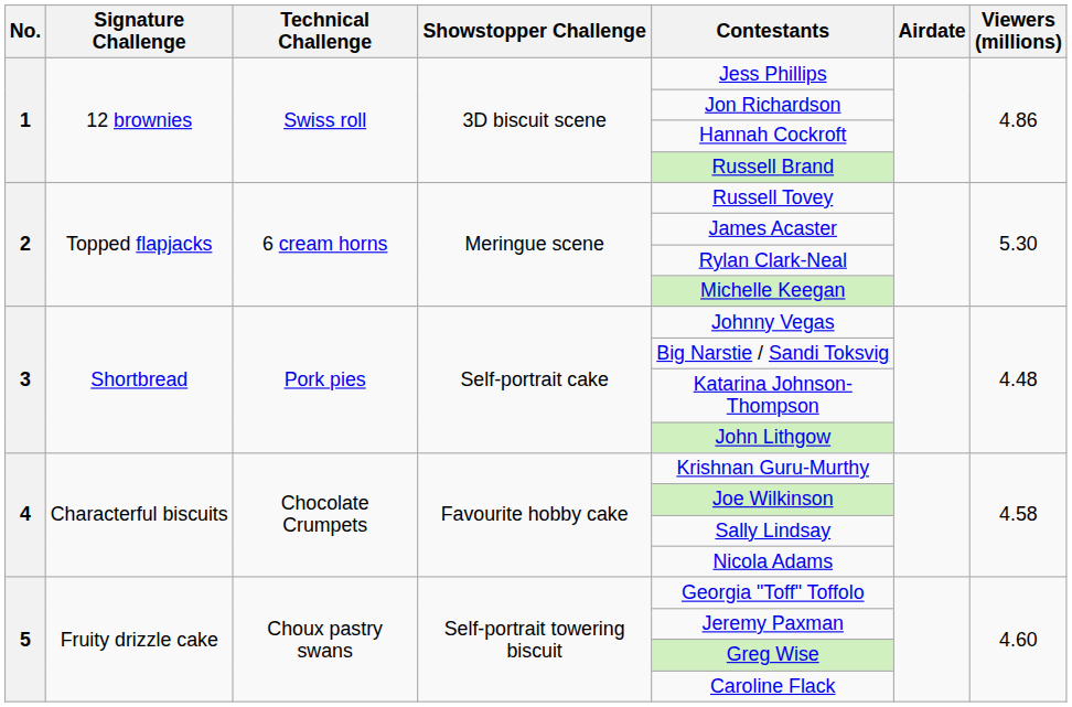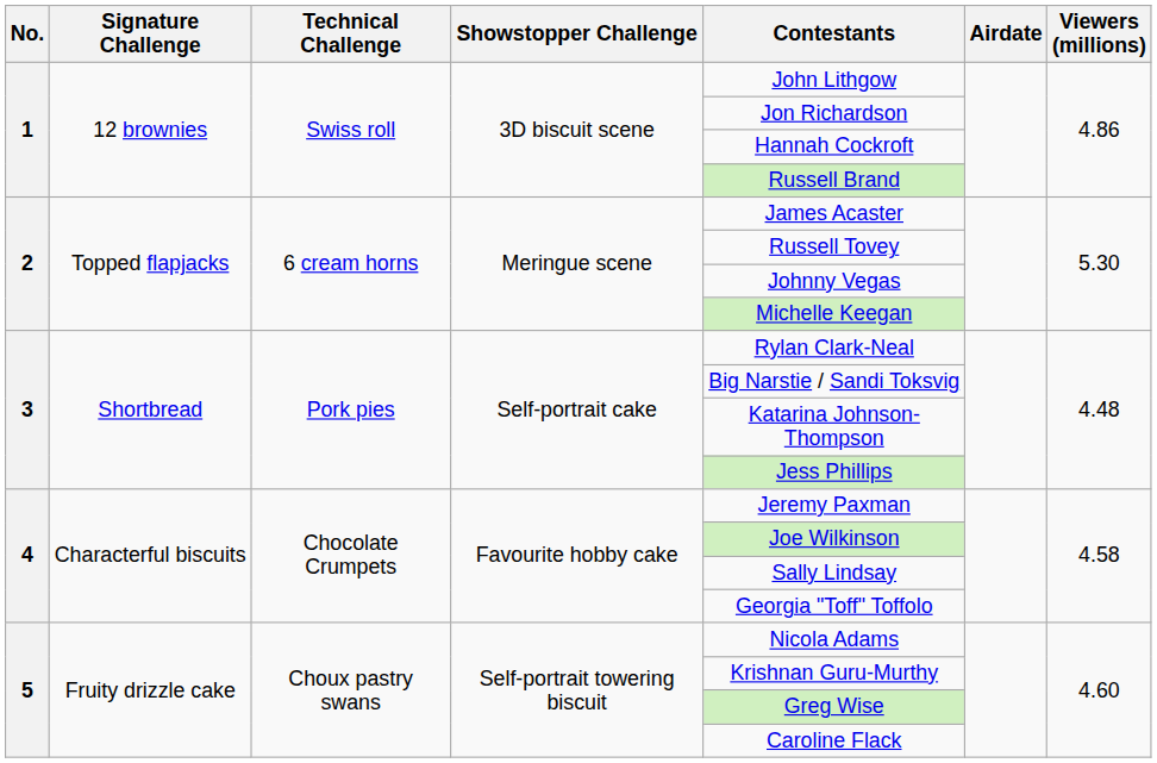 <table class="wikitable" style="text-align:center;">
 <tr>
 <th scope="col">No.</th>
 <th scope="col">Signature Challenge</th>
 <th scope="col">Technical Challenge</th>
 <th scope="col">Showstopper Challenge</th>
 <th scope="col">Contestants</th>
 <th scope="col">Airdate</th>
 <th scope="col">Viewers<br>(millions)</th>
 </tr>
 <tr>
 <th scope="rowgroup" rowspan=4>1</th>
 <td rowspan=4>12 <a href='#'>brownies</a></td>
 <td rowspan=4><a href='#'>Swiss roll</a></td>
 <td rowspan=4>3D biscuit scene</td>
-<td><a href='#'>Jess Phillips</a></td>
+<td><a href='#'>John Lithgow</a></td>
 <td rowspan=4></td>
 <td rowspan=4>4.86</td>
 </tr>
 <tr>
 <td><a href='#'>Jon Richardson</a></td>
 </tr>
 <tr>
 <td><a href='#'>Hannah Cockroft</a></td>
 </tr>
 <tr style="background:#d0f0c0">
 <td><a href='#'>Russell Brand</a></td>
 </tr>
 <tr>
 <th scope="rowgroup" rowspan="4">2</th>
 <td rowspan="4">Topped <a href='#'>flapjacks</a></td>
 <td rowspan="4">6 <a href='#'>cream horns</a></td>
 <td rowspan="4">Meringue scene</td>
-<td><a href='#'>Russell Tovey</a></td>
+<td><a href='#'>James Acaster</a></td>
 <td rowspan="4"></td>
 <td rowspan="4">5.30</td>
 </tr>
 <tr>
-<td><a href='#'>James Acaster</a></td>
+<td><a href='#'>Russell Tovey</a></td>
 </tr>
 <tr>
-<td><a href='#'>Rylan Clark-Neal</a></td>
+<td><a href='#'>Johnny Vegas</a></td>
 </tr>
 <tr style="background:#d0f0c0">
 <td><a href='#'>Michelle Keegan</a></td>
 </tr>
 <tr>
 <th scope="rowgroup" rowspan="4">3</th>
 <td rowspan="4"><a href='#'>Shortbread</a></td>
 <td rowspan="4"><a href='#'>Pork pies</a></td>
 <td rowspan="4">Self-portrait cake</td>
-<td><a href='#'>Johnny Vegas</a></td>
+<td><a href='#'>Rylan Clark-Neal</a></td>
 <td rowspan="4"></td>
 <td rowspan="4">4.48</td>
 </tr>
 <tr>
 <td><a href='#'>Big Narstie</a> / <a href='#'>Sandi Toksvig</a></td>
 </tr>
 <tr>
 <td><a href='#'>Katarina Johnson-Thompson</a></td>
 </tr>
 <tr style="background:#d0f0c0">
-<td><a href='#'>John Lithgow</a></td>
+<td><a href='#'>Jess Phillips</a></td>
 </tr>
 <tr>
 <th scope="rowgroup" rowspan="4">4</th>
 <td rowspan="4">Characterful biscuits</td>
 <td rowspan="4">Chocolate Crumpets</td>
 <td rowspan="4">Favourite hobby cake</td>
-<td><a href='#'>Krishnan Guru-Murthy</a></td>
+<td><a href='#'>Jeremy Paxman</a></td>
 <td rowspan="4"></td>
 <td rowspan="4">4.58</td>
 </tr>
 <tr style="background:#d0f0c0">
 <td><a href='#'>Joe Wilkinson</a></td>
 </tr>
 <tr>
 <td><a href='#'>Sally Lindsay</a></td>
 </tr>
 <tr>
-<td><a href='#'>Nicola Adams</a></td>
+<td><a href='#'>Georgia "Toff" Toffolo</a></td>
 </tr>
 <tr>
 <th scope="rowgroup" rowspan="4">5</th>
 <td rowspan="4">Fruity drizzle cake</td>
 <td rowspan="4">Choux pastry swans</td>
 <td rowspan="4">Self-portrait towering biscuit</td>
-<td><a href='#'>Georgia "Toff" Toffolo</a></td>
+<td><a href='#'>Nicola Adams</a></td>
 <td rowspan="4"></td>
 <td rowspan="4">4.60</td>
 </tr>
 <tr>
-<td><a href='#'>Jeremy Paxman</a></td>
+<td><a href='#'>Krishnan Guru-Murthy</a></td>
 </tr>
 <tr style="background:#d0f0c0">
 <td><a href='#'>Greg Wise</a></td>
 </tr>
 <tr>
 <td><a href='#'>Caroline Flack</a></td>
 </tr>
 </table>
